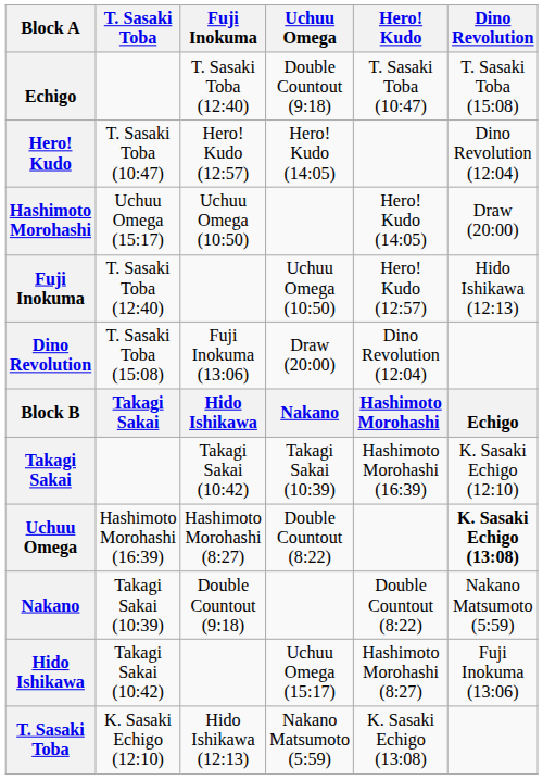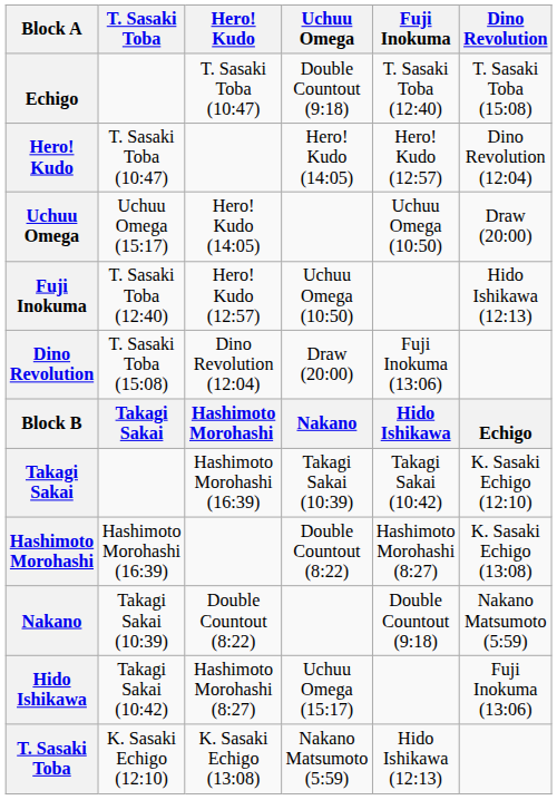 <table class="wikitable" style="margin: 1em auto 1em auto">
 <tr>
 <th>Block A</th>
 <th><a href='#'>T. Sasaki</a><br><a href='#'>Toba</a></th>
+<th><a href='#'>Hero!</a><br><a href='#'>Kudo</a></th>
+<th><a href='#'>Uchuu</a><br>Omega</th>
 <th><a href='#'>Fuji</a><br>Inokuma</th>
-<th><a href='#'>Uchuu</a><br>Omega</th>
-<th><a href='#'>Hero!</a><br><a href='#'>Kudo</a></th>
 <th><a href='#'>Dino</a><br><a href='#'>Revolution</a></th>
 </tr>
 <tr align="center">
 <th><br>Echigo</th>
 <td></td>
+<td>T. Sasaki<br>Toba<br>(10:47)</td>
+<td>Double<br>Countout<br>(9:18)</td>
 <td>T. Sasaki<br>Toba<br>(12:40)</td>
-<td>Double<br>Countout<br>(9:18)</td>
-<td>T. Sasaki<br>Toba<br>(10:47)</td>
 <td>T. Sasaki<br>Toba<br>(15:08)</td>
 </tr>
 <tr align="center">
 <th><a href='#'>Hero!</a><br><a href='#'>Kudo</a></th>
 <td>T. Sasaki<br>Toba<br>(10:47)</td>
+<td></td>
+<td>Hero!<br>Kudo<br>(14:05)</td>
 <td>Hero!<br>Kudo<br>(12:57)</td>
-<td>Hero!<br>Kudo<br>(14:05)</td>
-<td></td>
 <td>Dino<br>Revolution<br>(12:04)</td>
 </tr>
 <tr align="center">
-<th><a href='#'>Hashimoto</a><br><a href='#'>Morohashi</a></th>
+<th><a href='#'>Uchuu</a><br>Omega</th>
 <td>Uchuu<br>Omega<br>(15:17)</td>
+<td>Hero!<br>Kudo<br>(14:05)</td>
+<td></td>
 <td>Uchuu<br>Omega<br>(10:50)</td>
-<td></td>
-<td>Hero!<br>Kudo<br>(14:05)</td>
 <td>Draw<br>(20:00)</td>
 </tr>
 <tr align="center">
 <th><a href='#'>Fuji</a><br>Inokuma</th>
 <td>T. Sasaki<br>Toba<br>(12:40)</td>
+<td>Hero!<br>Kudo<br>(12:57)</td>
+<td>Uchuu<br>Omega<br>(10:50)</td>
 <td></td>
-<td>Uchuu<br>Omega<br>(10:50)</td>
-<td>Hero!<br>Kudo<br>(12:57)</td>
 <td>Hido<br>Ishikawa<br>(12:13)</td>
 </tr>
 <tr align="center">
 <th><a href='#'>Dino</a><br><a href='#'>Revolution</a></th>
 <td>T. Sasaki<br>Toba<br>(15:08)</td>
+<td>Dino<br>Revolution<br>(12:04)</td>
+<td>Draw<br>(20:00)</td>
 <td>Fuji<br>Inokuma<br>(13:06)</td>
-<td>Draw<br>(20:00)</td>
-<td>Dino<br>Revolution<br>(12:04)</td>
 <td></td>
 </tr>
 <tr>
 <th>Block B</th>
 <th><a href='#'>Takagi</a><br><a href='#'>Sakai</a></th>
+<th><a href='#'>Hashimoto</a><br><a href='#'>Morohashi</a> </th>
+<th><a href='#'>Nakano</a><br></th>
 <th><a href='#'>Hido</a><br><a href='#'>Ishikawa</a></th>
-<th><a href='#'>Nakano</a><br></th>
-<th><a href='#'>Hashimoto</a><br><a href='#'>Morohashi</a> </th>
 <th><br>Echigo</th>
 </tr>
 <tr align="center">
 <th><a href='#'>Takagi</a><br><a href='#'>Sakai</a></th>
 <td></td>
+<td>Hashimoto<br>Morohashi<br>(16:39)</td>
+<td>Takagi<br>Sakai<br>(10:39)</td>
 <td>Takagi<br>Sakai<br>(10:42)</td>
-<td>Takagi<br>Sakai<br>(10:39)</td>
-<td>Hashimoto<br>Morohashi<br>(16:39)</td>
 <td>K. Sasaki<br>Echigo<br>(12:10)</td>
 </tr>
 <tr align="center">
-<th><a href='#'>Uchuu</a><br>Omega</th>
+<th><a href='#'>Hashimoto</a><br><a href='#'>Morohashi</a></th>
 <td>Hashimoto<br>Morohashi<br>(16:39)</td>
+<td></td>
+<td>Double<br>Countout<br>(8:22)</td>
 <td>Hashimoto<br>Morohashi<br>(8:27)</td>
-<td>Double<br>Countout<br>(8:22)</td>
-<td></td>
-<td><strong>K. Sasaki<br>Echigo<br>(13:08)</strong></td>
+<td>K. Sasaki<br>Echigo<br>(13:08)</td>
 </tr>
 <tr align="center">
 <th><a href='#'>Nakano</a><br></th>
 <td>Takagi<br>Sakai<br>(10:39)</td>
+<td>Double<br>Countout<br>(8:22)</td>
+<td></td>
 <td>Double<br>Countout<br>(9:18)</td>
-<td></td>
-<td>Double<br>Countout<br>(8:22)</td>
 <td>Nakano<br>Matsumoto<br>(5:59)</td>
 </tr>
 <tr align="center">
 <th><a href='#'>Hido</a><br><a href='#'>Ishikawa</a></th>
 <td>Takagi<br>Sakai<br>(10:42)</td>
+<td>Hashimoto<br>Morohashi<br>(8:27)</td>
+<td>Uchuu<br>Omega<br>(15:17)</td>
 <td></td>
-<td>Uchuu<br>Omega<br>(15:17)</td>
-<td>Hashimoto<br>Morohashi<br>(8:27)</td>
 <td>Fuji<br>Inokuma<br>(13:06)</td>
 </tr>
 <tr align="center">
 <th><a href='#'>T. Sasaki</a><br><a href='#'>Toba</a></th>
 <td>K. Sasaki<br>Echigo<br>(12:10)</td>
+<td>K. Sasaki<br>Echigo<br>(13:08)</td>
+<td>Nakano<br>Matsumoto<br>(5:59)</td>
 <td>Hido<br>Ishikawa<br>(12:13)</td>
-<td>Nakano<br>Matsumoto<br>(5:59)</td>
-<td>K. Sasaki<br>Echigo<br>(13:08)</td>
 <td></td>
 </tr>
 </table>
